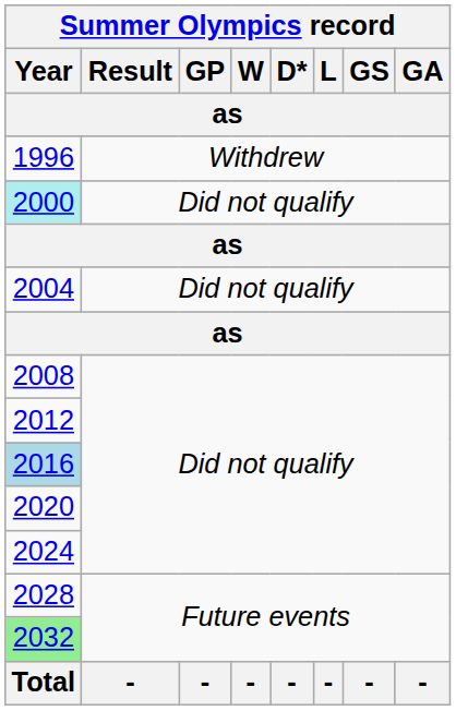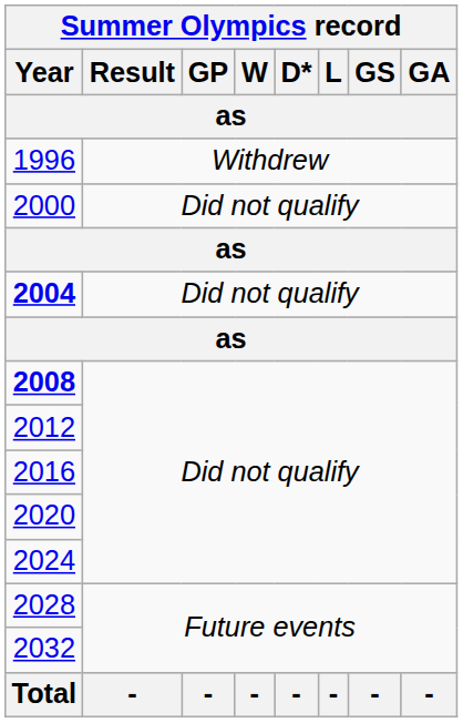 <table class="wikitable" style="text-align: center;">
 <tr>
 <th colspan=8><a href='#'>Summer Olympics</a> record</th>
 </tr>
 <tr>
 <th>Year</th>
 <th>Result</th>
 <th>GP</th>
 <th>W</th>
 <th>D*</th>
 <th>L</th>
 <th>GS</th>
 <th>GA</th>
 </tr>
 <tr>
 <th colspan=8>as </th>
 </tr>
 <tr>
 <td> <a href='#'>1996</a></td>
 <td colspan=7><em>Withdrew</em></td>
 </tr>
 <tr>
-<td style="background: paleturquoise;"> <a href='#'>2000</a></td>
+<td> <a href='#'>2000</a></td>
 <td colspan=7><em>Did not qualify</em></td>
 </tr>
 <tr>
 <th colspan=8>as </th>
 </tr>
 <tr>
-<td> <a href='#'>2004</a></td>
+<td><strong> <a href='#'>2004</a></strong></td>
 <td colspan=7><em>Did not qualify</em></td>
 </tr>
 <tr>
 <th colspan=8>as </th>
 </tr>
 <tr>
-<td> <a href='#'>2008</a></td>
+<td><strong> <a href='#'>2008</a></strong></td>
 <td colspan=7 rowspan=5><em>Did not qualify</em></td>
 </tr>
 <tr>
 <td> <a href='#'>2012</a></td>
 </tr>
 <tr>
-<td style="background: lightblue;"> <a href='#'>2016</a></td>
+<td> <a href='#'>2016</a></td>
 </tr>
 <tr>
 <td> <a href='#'>2020</a></td>
 </tr>
 <tr>
 <td> <a href='#'>2024</a></td>
 </tr>
 <tr>
 <td> <a href='#'>2028</a></td>
 <td colspan=7 rowspan=2><em>Future events</em></td>
 </tr>
 <tr>
-<td style="background: lightgreen;"> <a href='#'>2032</a></td>
+<td> <a href='#'>2032</a></td>
 </tr>
 <tr>
 <th>Total</th>
 <th>-</th>
 <th>-</th>
 <th>-</th>
 <th>-</th>
 <th>-</th>
 <th>-</th>
 <th>-</th>
 </tr>
 </table>
